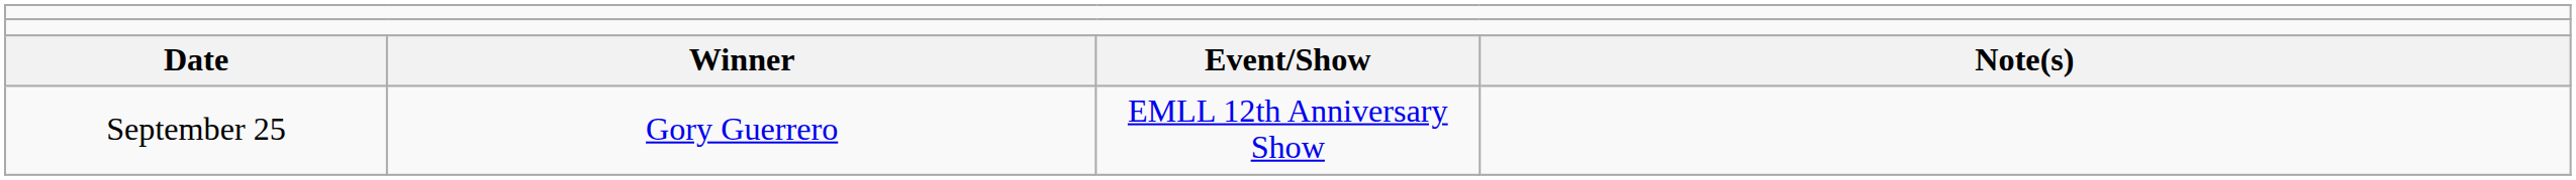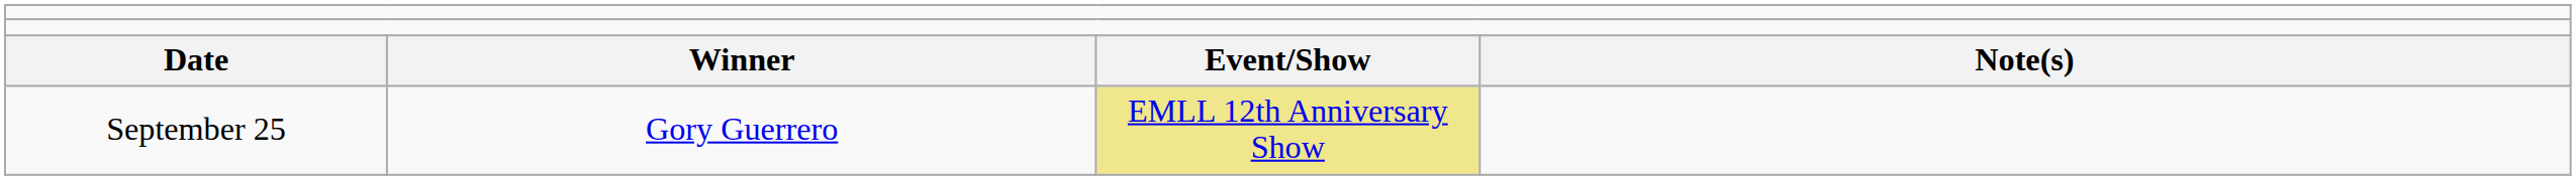 <table class="wikitable" style="text-align:center; width:100%;">
 <tr>
 <td colspan=5></td>
 </tr>
 <tr>
 <td colspan=5><strong></strong></td>
 </tr>
 <tr>
 <th width=14%>Date</th>
 <th width=26%>Winner</th>
 <th width=14%>Event/Show</th>
 <th width=40%>Note(s)</th>
 </tr>
 <tr>
 <td>September 25</td>
 <td><a href='#'>Gory Guerrero</a></td>
-<td><a href='#'>EMLL 12th Anniversary Show</a></td>
+<td style="background: khaki;"><a href='#'>EMLL 12th Anniversary Show</a></td>
 <td align=left></td>
 </tr>
 </table>
